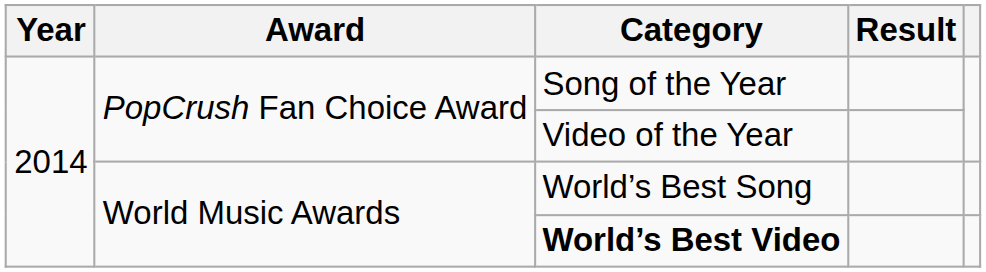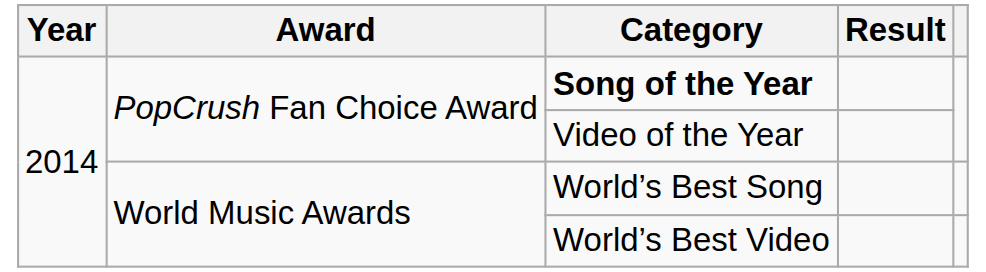 <table class="wikitable sortable plainrowheaders" style="margin-left: auto; margin-right: auto; border: none;">
 <tr>
 <th>Year</th>
 <th>Award</th>
 <th scope="col">Category</th>
 <th>Result</th>
 <th class="unsortable"></th>
 </tr>
 <tr>
 <td rowspan="4">2014</td>
 <td rowspan="2"><em>PopCrush</em> Fan Choice Award</td>
-<td>Song of the Year</td>
+<td><strong>Song of the Year</strong></td>
 <td></td>
 <td rowspan="2"></td>
 </tr>
 <tr>
 <td>Video of the Year</td>
 <td></td>
 </tr>
 <tr>
 <td rowspan="2">World Music Awards</td>
 <td>World’s Best Song</td>
 <td></td>
 <td></td>
 </tr>
 <tr>
-<td><strong>World’s Best Video</strong></td>
+<td>World’s Best Video</td>
 <td></td>
 <td></td>
 </tr>
 </table>
